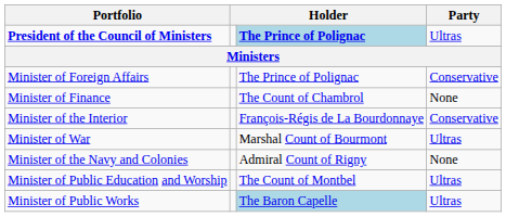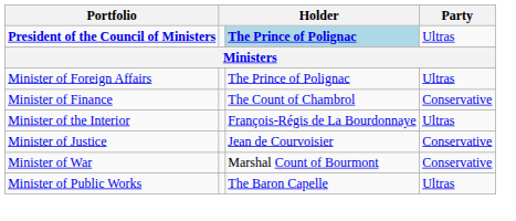 <table class="wikitable">
 <tr>
 <th>Portfolio</th>
 <th colspan=2>Holder</th>
 <th>Party</th>
 </tr>
 <tr>
 <td><strong><a href='#'>President of the Council of Ministers</a></strong></td>
 <td style="background:"></td>
 <td style="background: lightblue;"><strong><a href='#'>The Prince of Polignac</a></strong></td>
 <td><a href='#'>Ultras</a></td>
 </tr>
 <tr>
 <th colspan=4 align=center><a href='#'>Ministers</a></th>
 </tr>
 <tr>
 <td><a href='#'>Minister of Foreign Affairs</a></td>
 <td style="background:"></td>
 <td><a href='#'>The Prince of Polignac</a></td>
-<td><a href='#'>Conservative</a></td>
+<td><a href='#'>Ultras</a></td>
 </tr>
 <tr>
 <td><a href='#'>Minister of Finance</a></td>
 <td style="background:"></td>
 <td><a href='#'>The Count of Chambrol</a></td>
-<td>None</td>
+<td><a href='#'>Conservative</a></td>
 </tr>
 <tr>
 <td><a href='#'>Minister of the Interior</a></td>
 <td style="background:"></td>
 <td><a href='#'>François-Régis de La Bourdonnaye</a></td>
+<td><a href='#'>Ultras</a></td>
+</tr>
+<tr>
+<td><a href='#'>Minister of Justice</a></td>
+<td style="background:"></td>
+<td><a href='#'>Jean de Courvoisier</a></td>
 <td><a href='#'>Conservative</a></td>
 </tr>
 <tr>
 <td><a href='#'>Minister of War</a></td>
 <td style="background:"></td>
 <td>Marshal <a href='#'>Count of Bourmont</a></td>
-<td><a href='#'>Ultras</a></td>
-</tr>
-<tr>
-<td><a href='#'>Minister of the Navy and Colonies</a></td>
-<td style="background:"></td>
-<td>Admiral <a href='#'>Count of Rigny</a></td>
-<td>None</td>
-</tr>
-<tr>
-<td><a href='#'>Minister of Public Education</a> <a href='#'>and Worship</a></td>
-<td style="background:"></td>
-<td><a href='#'>The Count of Montbel</a></td>
-<td><a href='#'>Ultras</a></td>
+<td><a href='#'>Conservative</a></td>
 </tr>
 <tr>
 <td><a href='#'>Minister of Public Works</a></td>
 <td style="background:"></td>
-<td style="background: lightblue;"><a href='#'>The Baron Capelle</a></td>
+<td><a href='#'>The Baron Capelle</a></td>
 <td><a href='#'>Ultras</a></td>
 </tr>
 </table>
